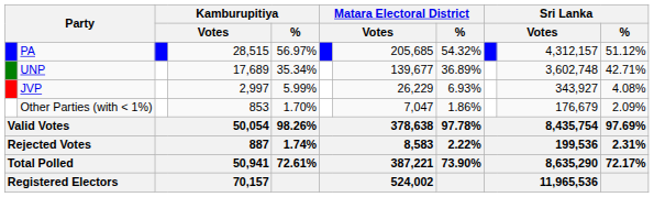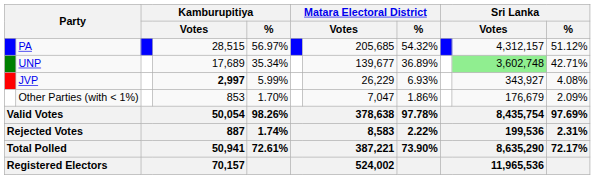 <table class="wikitable">
 <tr>
 <th colspan="2" width="144px"rowspan="2">Party</th>
 <th colspan="3" width="216px">Kamburupitiya</th>
 <th colspan="3" width="216px"><a href='#'>Matara Electoral District</a></th>
 <th colspan="3" width="216px">Sri Lanka</th>
 </tr>
 <tr>
 <th colspan="2" width="144px">Votes</th>
 <th>%</th>
 <th colspan="2" width="144px">Votes</th>
 <th>%</th>
 <th colspan="2" width="144px">Votes</th>
 <th>%</th>
 </tr>
 <tr>
 <td style="background-color:blue;" width="10px"></td>
 <td style="text-align:left;"><a href='#'>PA</a></td>
 <td style="background-color:blue;" width="10px"></td>
 <td style="text-align:right;">28,515</td>
 <td style="text-align:right;">56.97%</td>
 <td style="background-color:blue;" width="10px"></td>
 <td style="text-align:right;">205,685</td>
 <td style="text-align:right;">54.32%</td>
 <td style="background-color:blue;" width="10px"></td>
 <td style="text-align:right;">4,312,157</td>
 <td style="text-align:right;">51.12%</td>
 </tr>
 <tr>
 <td style="background-color:green;" width="10px"></td>
 <td style="text-align:left;"><a href='#'>UNP</a></td>
 <td style="background-color:white;" width="10px"></td>
 <td style="text-align:right;">17,689</td>
 <td style="text-align:right;">35.34%</td>
 <td style="background-color:white;" width="10px"></td>
 <td style="text-align:right;">139,677</td>
 <td style="text-align:right;">36.89%</td>
 <td style="background-color:white;" width="10px"></td>
-<td style="text-align:right;">3,602,748</td>
+<td style="background: lightgreen; text-align:right;">3,602,748</td>
 <td style="text-align:right;">42.71%</td>
 </tr>
 <tr>
 <td style="background-color:red;" width="10px"></td>
 <td style="text-align:left;"><a href='#'>JVP</a></td>
 <td style="background-color:white;" width="10px"></td>
-<td style="text-align:right;">2,997</td>
+<td style="text-align:right;"><strong>2,997</strong></td>
 <td style="text-align:right;">5.99%</td>
 <td style="background-color:white;" width="10px"></td>
 <td style="text-align:right;">26,229</td>
 <td style="text-align:right;">6.93%</td>
 <td style="background-color:white;" width="10px"></td>
 <td style="text-align:right;">343,927</td>
 <td style="text-align:right;">4.08%</td>
 </tr>
 <tr>
 <td style="background-color:white;" width="10px"></td>
 <td style="text-align:left;">Other Parties (with < 1%)</td>
 <td style="background-color:white;" width="10px"></td>
 <td style="text-align:right;">853</td>
 <td style="text-align:right;">1.70%</td>
 <td style="background-color:white;" width="10px"></td>
 <td style="text-align:right;">7,047</td>
 <td style="text-align:right;">1.86%</td>
 <td style="background-color:white;" width="10px"></td>
 <td style="text-align:right;">176,679</td>
 <td style="text-align:right;">2.09%</td>
 </tr>
 <tr>
 <th colspan="2" width="144px"style="text-align:left;">Valid Votes</th>
 <th style="text-align:right;"colspan="2" width="144px">50,054</th>
 <th style="text-align:right;">98.26%</th>
 <th style="text-align:right;"colspan="2" width="144px">378,638</th>
 <th style="text-align:right;">97.78%</th>
 <th style="text-align:right;"colspan="2" width="144px">8,435,754</th>
 <th style="text-align:right;">97.69%</th>
 </tr>
 <tr>
 <th colspan="2" width="144px"style="text-align:left;">Rejected Votes</th>
 <th style="text-align:right;"colspan="2" width="144px">887</th>
 <th style="text-align:right;">1.74%</th>
 <th style="text-align:right;"colspan="2" width="144px">8,583</th>
 <th style="text-align:right;">2.22%</th>
 <th style="text-align:right;"colspan="2" width="144px">199,536</th>
 <th style="text-align:right;">2.31%</th>
 </tr>
 <tr>
 <th colspan="2" width="144px"style="text-align:left;">Total Polled</th>
 <th style="text-align:right;"colspan="2" width="144px">50,941</th>
 <th style="text-align:right;">72.61%</th>
 <th style="text-align:right;"colspan="2" width="144px">387,221</th>
 <th style="text-align:right;">73.90%</th>
 <th style="text-align:right;"colspan="2" width="144px">8,635,290</th>
 <th style="text-align:right;">72.17%</th>
 </tr>
 <tr>
 <th colspan="2" width="144px"style="text-align:left;">Registered Electors</th>
 <th style="text-align:right;"colspan="2" width="144px">70,157</th>
 <th></th>
 <th style="text-align:right;"colspan="2" width="144px">524,002</th>
 <th></th>
 <th style="text-align:right;"colspan="2" width="144px">11,965,536</th>
 <th></th>
 </tr>
 </table>
